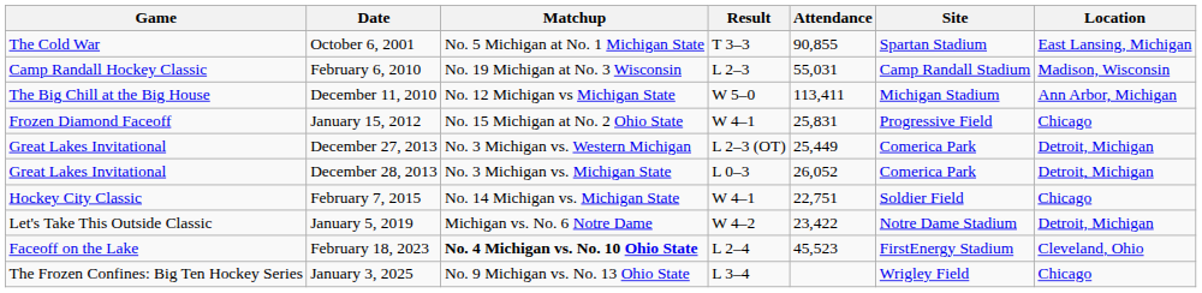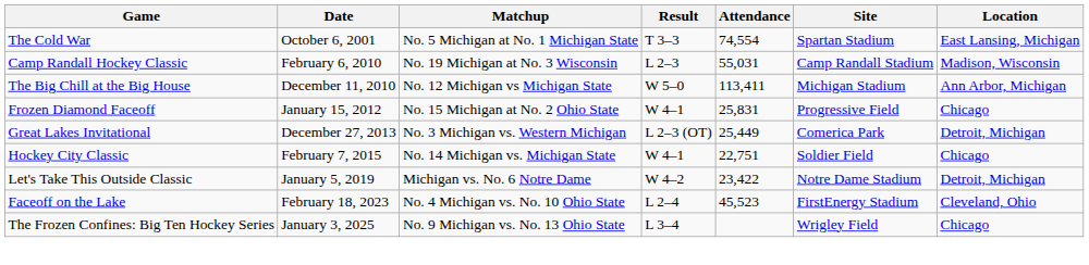 <table class="wikitable">
 <tr>
 <th>Game</th>
 <th>Date</th>
 <th>Matchup</th>
 <th>Result</th>
 <th>Attendance</th>
 <th>Site</th>
 <th>Location</th>
 </tr>
 <tr>
 <td><a href='#'>The Cold War</a></td>
 <td>October 6, 2001</td>
 <td>No. 5 Michigan at No. 1 <a href='#'>Michigan State</a></td>
 <td>T 3–3</td>
-<td>90,855</td>
+<td>74,554</td>
 <td><a href='#'>Spartan Stadium</a></td>
 <td><a href='#'>East Lansing, Michigan</a></td>
 </tr>
 <tr>
 <td><a href='#'>Camp Randall Hockey Classic</a></td>
 <td>February 6, 2010</td>
 <td>No. 19 Michigan at No. 3 <a href='#'>Wisconsin</a></td>
 <td>L 2–3</td>
 <td>55,031</td>
 <td><a href='#'>Camp Randall Stadium</a></td>
 <td><a href='#'>Madison, Wisconsin</a></td>
 </tr>
 <tr>
 <td><a href='#'>The Big Chill at the Big House</a></td>
 <td>December 11, 2010</td>
 <td>No. 12 Michigan vs <a href='#'>Michigan State</a></td>
 <td>W 5–0</td>
 <td>113,411</td>
 <td><a href='#'>Michigan Stadium</a></td>
 <td><a href='#'>Ann Arbor, Michigan</a></td>
 </tr>
 <tr>
 <td><a href='#'>Frozen Diamond Faceoff</a></td>
 <td>January 15, 2012</td>
 <td>No. 15 Michigan at No. 2 <a href='#'>Ohio State</a></td>
 <td>W 4–1</td>
 <td>25,831</td>
 <td><a href='#'>Progressive Field</a></td>
 <td><a href='#'>Chicago</a></td>
 </tr>
 <tr>
 <td><a href='#'>Great Lakes Invitational</a></td>
 <td>December 27, 2013</td>
 <td>No. 3 Michigan vs. <a href='#'>Western Michigan</a></td>
 <td>L 2–3 (OT)</td>
 <td>25,449</td>
 <td><a href='#'>Comerica Park</a></td>
 <td><a href='#'>Detroit, Michigan</a></td>
 </tr>
 <tr>
-<td><a href='#'>Great Lakes Invitational</a></td>
-<td>December 28, 2013</td>
-<td>No. 3 Michigan vs. <a href='#'>Michigan State</a></td>
-<td>L 0–3</td>
-<td>26,052</td>
-<td><a href='#'>Comerica Park</a></td>
-<td><a href='#'>Detroit, Michigan</a></td>
-</tr>
-<tr>
 <td><a href='#'>Hockey City Classic</a></td>
 <td>February 7, 2015</td>
 <td>No. 14 Michigan vs. <a href='#'>Michigan State</a></td>
 <td>W 4–1</td>
 <td>22,751</td>
 <td><a href='#'>Soldier Field</a></td>
 <td><a href='#'>Chicago</a></td>
 </tr>
 <tr>
 <td>Let's Take This Outside Classic</td>
 <td>January 5, 2019</td>
 <td>Michigan vs. No. 6 <a href='#'>Notre Dame</a></td>
 <td>W 4–2</td>
 <td>23,422</td>
 <td><a href='#'>Notre Dame Stadium</a></td>
 <td><a href='#'>Detroit, Michigan</a></td>
 </tr>
 <tr>
 <td><a href='#'>Faceoff on the Lake</a></td>
 <td>February 18, 2023</td>
-<td><strong>No. 4 Michigan vs. No. 10 <a href='#'>Ohio State</a></strong></td>
+<td>No. 4 Michigan vs. No. 10 <a href='#'>Ohio State</a></td>
 <td>L 2–4</td>
 <td>45,523</td>
 <td><a href='#'>FirstEnergy Stadium</a></td>
 <td><a href='#'>Cleveland, Ohio</a></td>
 </tr>
 <tr>
 <td>The Frozen Confines: Big Ten Hockey Series</td>
 <td>January 3, 2025</td>
 <td>No. 9 Michigan vs. No. 13 <a href='#'>Ohio State</a></td>
 <td>L 3–4</td>
 <td></td>
 <td><a href='#'>Wrigley Field</a></td>
 <td><a href='#'>Chicago</a></td>
 </tr>
 </table>
